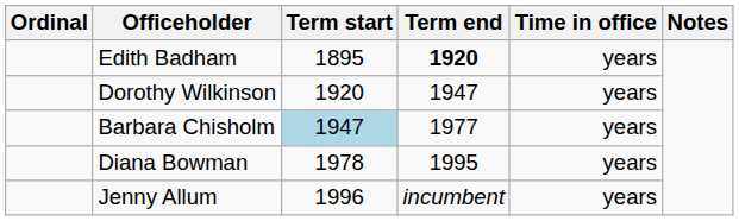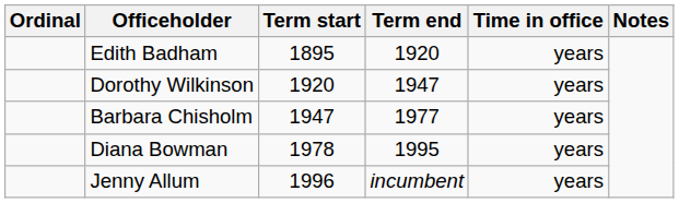 <table class="wikitable sortable">
 <tr>
 <th>Ordinal</th>
 <th>Officeholder</th>
 <th>Term start</th>
 <th>Term end</th>
 <th>Time in office</th>
 <th>Notes</th>
 </tr>
 <tr>
 <td align=center></td>
 <td>Edith Badham</td>
 <td align=center>1895</td>
-<td align=center><strong>1920</strong></td>
+<td align=center>1920</td>
 <td align=right> years</td>
 <td rowspan=5></td>
 </tr>
 <tr>
 <td align=center></td>
 <td>Dorothy Wilkinson</td>
 <td align=center>1920</td>
 <td align=center>1947</td>
 <td align=right> years</td>
 </tr>
 <tr>
 <td align=center></td>
 <td>Barbara Chisholm</td>
-<td align=center style="background: lightblue;">1947</td>
+<td align=center>1947</td>
 <td align=center>1977</td>
 <td align=right> years</td>
 </tr>
 <tr>
 <td align=center></td>
 <td>Diana Bowman</td>
 <td align=center>1978</td>
 <td align=center>1995</td>
 <td align=right> years</td>
 </tr>
 <tr>
 <td align=center></td>
 <td>Jenny Allum</td>
 <td align=center>1996</td>
 <td align=center><em>incumbent</em></td>
 <td align=right> years</td>
 </tr>
 </table>
